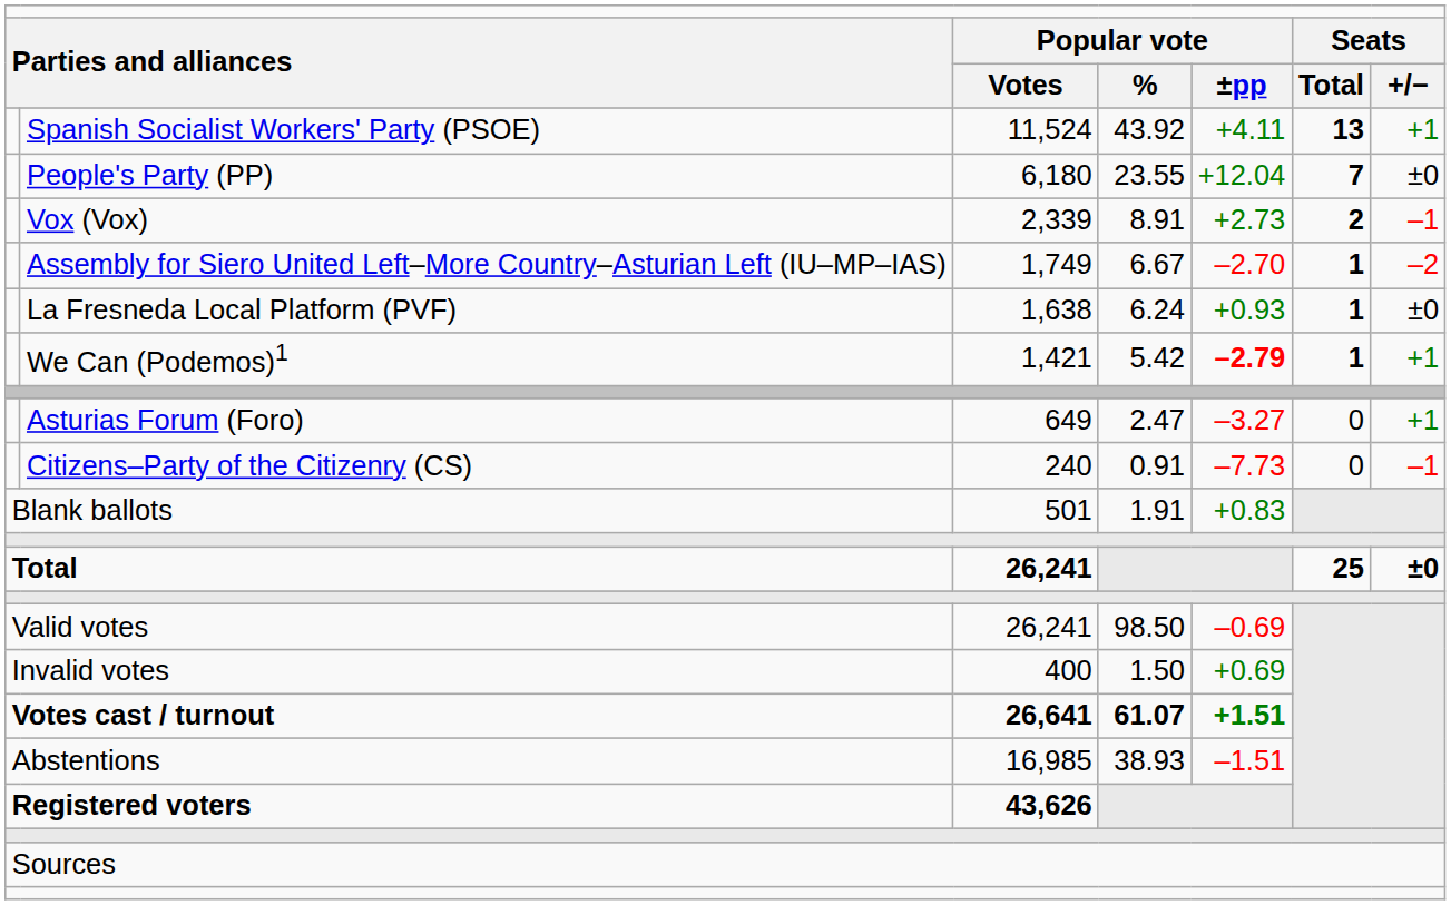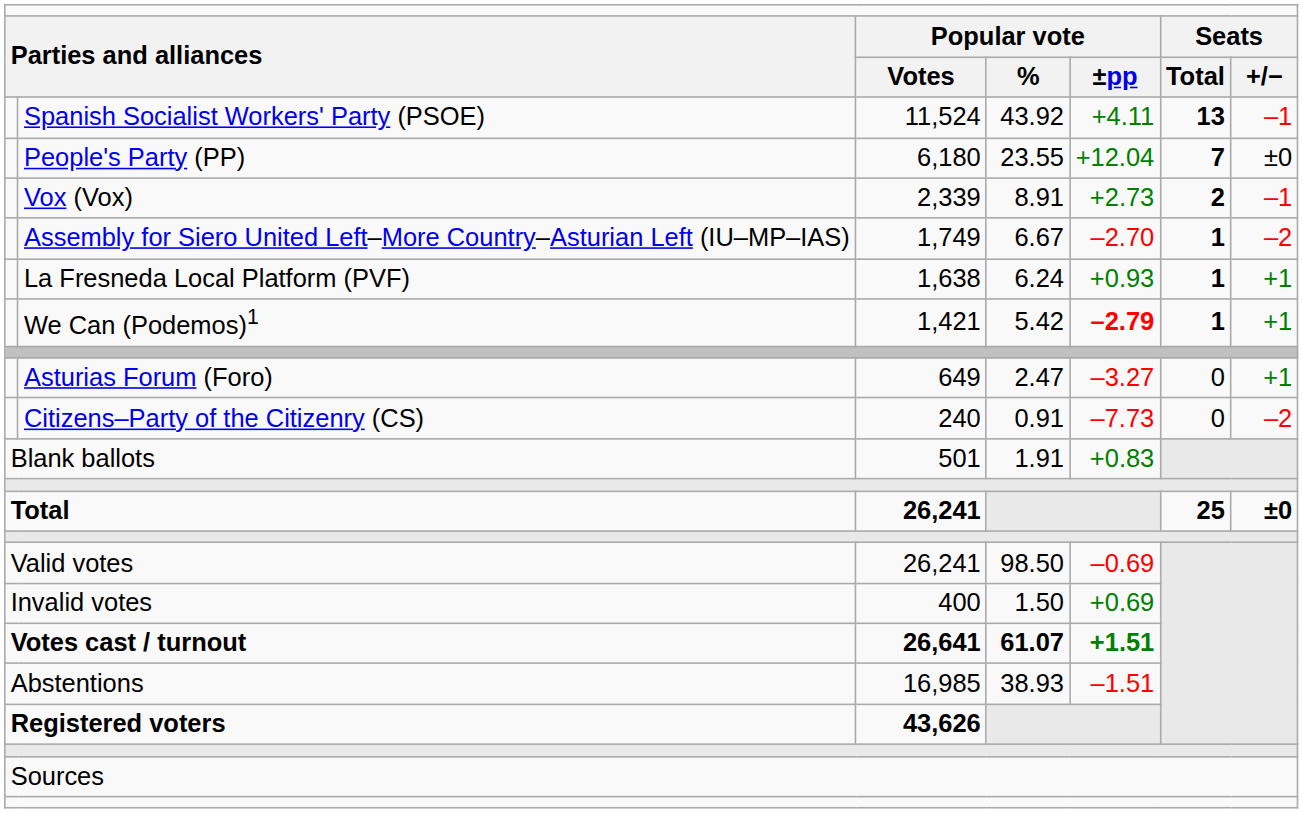 <table class="wikitable" style="text-align:right;">
 <tr>
 <td colspan="7"></td>
 </tr>
 <tr>
 <th style="text-align:left;" rowspan="2" colspan="2" width="525">Parties and alliances</th>
 <th colspan="3">Popular vote</th>
 <th colspan="2">Seats</th>
 </tr>
 <tr>
 <th width="75">Votes</th>
 <th width="45">%</th>
 <th width="45">±<a href='#'>pp</a></th>
 <th width="35">Total</th>
 <th width="35">+/−</th>
 </tr>
 <tr>
 <td width="1" style="color:inherit;background:"></td>
 <td align="left"><a href='#'>Spanish Socialist Workers' Party</a> (PSOE)</td>
 <td>11,524</td>
 <td>43.92</td>
 <td style="color:green;">+4.11</td>
 <td><strong>13</strong></td>
-<td style="color:green;">+1</td>
+<td style="color:red;">–1</td>
 </tr>
 <tr>
 <td style="color:inherit;background:"></td>
 <td align="left"><a href='#'>People's Party</a> (PP)</td>
 <td>6,180</td>
 <td>23.55</td>
 <td style="color:green;">+12.04</td>
 <td><strong>7</strong></td>
 <td>±0</td>
 </tr>
 <tr>
 <td style="color:inherit;background:"></td>
 <td align="left"><a href='#'>Vox</a> (Vox)</td>
 <td>2,339</td>
 <td>8.91</td>
 <td style="color:green;">+2.73</td>
 <td><strong>2</strong></td>
 <td style="color:red;">–1</td>
 </tr>
 <tr>
 <td style="color:inherit;background:"></td>
 <td align="left"><a href='#'>Assembly for Siero United Left</a>–<a href='#'>More Country</a>–<a href='#'>Asturian Left</a> (IU–MP–IAS)</td>
 <td>1,749</td>
 <td>6.67</td>
 <td style="color:red;">–2.70</td>
 <td><strong>1</strong></td>
 <td style="color:red;">–2</td>
 </tr>
 <tr>
 <td style="color:inherit;background:"></td>
 <td align="left">La Fresneda Local Platform (PVF)</td>
 <td>1,638</td>
 <td>6.24</td>
 <td style="color:green;">+0.93</td>
 <td><strong>1</strong></td>
-<td>±0</td>
+<td style="color:green;">+1</td>
 </tr>
 <tr>
 <td style="color:inherit;background:"></td>
 <td align="left">We Can (Podemos)<sup>1</sup></td>
 <td>1,421</td>
 <td>5.42</td>
 <td style="color:red;"><strong>–2.79</strong></td>
 <td><strong>1</strong></td>
 <td style="color:green;">+1</td>
 </tr>
 <tr>
 <td colspan="7" bgcolor="#C0C0C0"></td>
 </tr>
 <tr>
 <td style="color:inherit;background:"></td>
 <td align="left"><a href='#'>Asturias Forum</a> (Foro)</td>
 <td>649</td>
 <td>2.47</td>
 <td style="color:red;">–3.27</td>
 <td>0</td>
 <td style="color:green;">+1</td>
 </tr>
 <tr>
 <td style="color:inherit;background:"></td>
 <td align="left"><a href='#'>Citizens–Party of the Citizenry</a> (CS)</td>
 <td>240</td>
 <td>0.91</td>
 <td style="color:red;">–7.73</td>
 <td>0</td>
-<td style="color:red;">–1</td>
+<td style="color:red;">–2</td>
 </tr>
 <tr>
 <td colspan="2" align="left">Blank ballots</td>
 <td>501</td>
 <td>1.91</td>
 <td style="color:green;">+0.83</td>
 <td colspan="2" bgcolor="#E9E9E9"></td>
 </tr>
 <tr>
 <td colspan="7" bgcolor="#E9E9E9"></td>
 </tr>
 <tr style="font-weight:bold;">
 <td align="left" colspan="2">Total</td>
 <td>26,241</td>
 <td colspan="2" bgcolor="#E9E9E9"></td>
 <td>25</td>
 <td>±0</td>
 </tr>
 <tr>
 <td colspan="7" bgcolor="#E9E9E9"></td>
 </tr>
 <tr>
 <td align="left" colspan="2">Valid votes</td>
 <td>26,241</td>
 <td>98.50</td>
 <td style="color:red;">–0.69</td>
 <td bgcolor="#E9E9E9" colspan="2" rowspan="5"></td>
 </tr>
 <tr>
 <td align="left" colspan="2">Invalid votes</td>
 <td>400</td>
 <td>1.50</td>
 <td style="color:green;">+0.69</td>
 </tr>
 <tr style="font-weight:bold;">
 <td align="left" colspan="2">Votes cast / turnout</td>
 <td>26,641</td>
 <td>61.07</td>
 <td style="color:green;">+1.51</td>
 </tr>
 <tr>
 <td align="left" colspan="2">Abstentions</td>
 <td>16,985</td>
 <td>38.93</td>
 <td style="color:red;">–1.51</td>
 </tr>
 <tr style="font-weight:bold;">
 <td align="left" colspan="2">Registered voters</td>
 <td>43,626</td>
 <td colspan="2" bgcolor="#E9E9E9"></td>
 </tr>
 <tr>
 <td colspan="7" bgcolor="#E9E9E9"></td>
 </tr>
 <tr>
 <td align="left" colspan="7">Sources</td>
 </tr>
 <tr>
 <td colspan="7"></td>
 </tr>
 </table>
